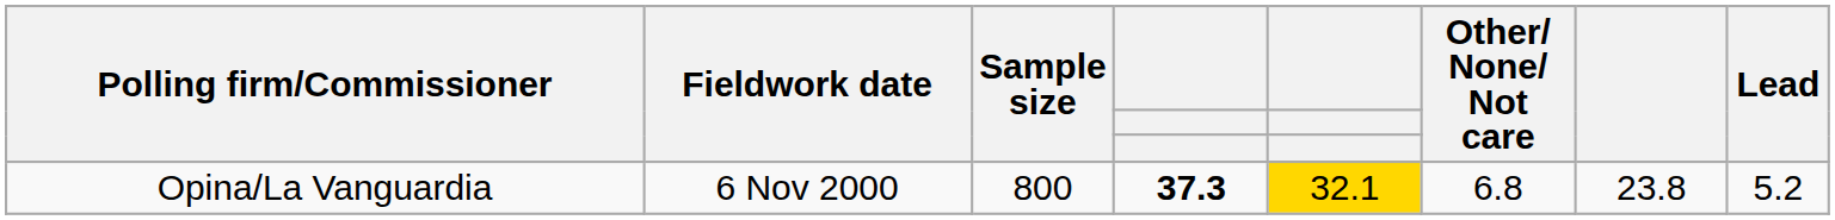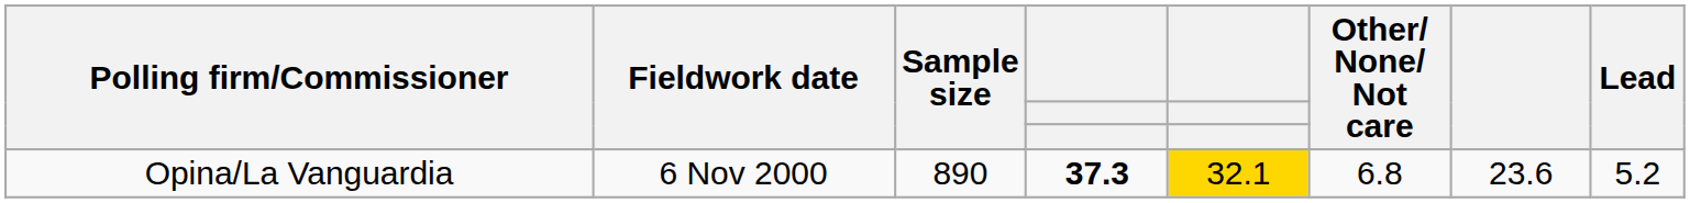 <table class="wikitable collapsible collapsed" style="text-align:center; font-size:90%; line-height:14px;">
 <tr style="height:42px;">
 <th style="width:250px;" rowspan="3">Polling firm/Commissioner</th>
 <th style="width:125px;" rowspan="3">Fieldwork date</th>
 <th style="width:50px;" rowspan="3">Sample size</th>
 <th style="width:55px;"></th>
 <th style="width:55px;"></th>
 <th style="width:55px;" rowspan="3">Other/<br>None/<br>Not<br>care</th>
 <th style="width:55px;" rowspan="3"></th>
 <th style="width:30px;" rowspan="3">Lead</th>
 </tr>
 <tr>
 <th style="color:inherit;background:"></th>
 <th style="color:inherit;background:"></th>
 </tr>
 <tr>
 <th></th>
 <th></th>
 </tr>
 <tr>
 <td>Opina/La Vanguardia</td>
 <td>6 Nov 2000</td>
-<td>800</td>
+<td>890</td>
 <td><strong>37.3</strong></td>
 <td style="background: gold;">32.1</td>
 <td>6.8</td>
-<td>23.8</td>
+<td>23.6</td>
 <td style="background:">5.2</td>
 </tr>
 </table>
